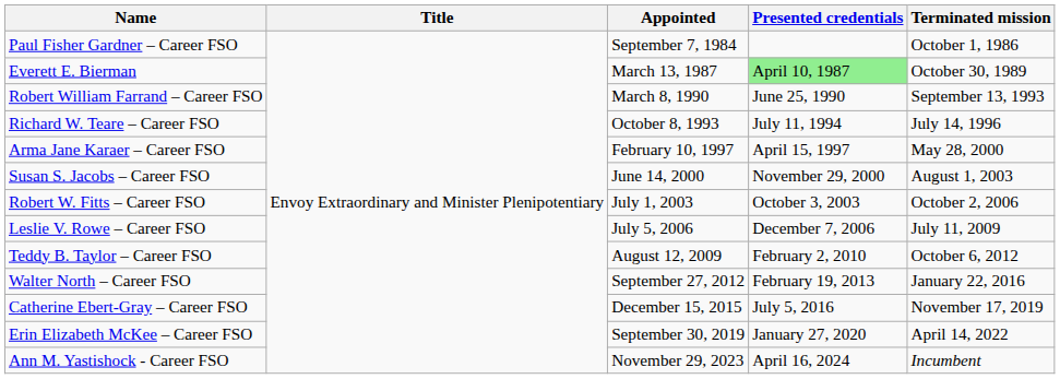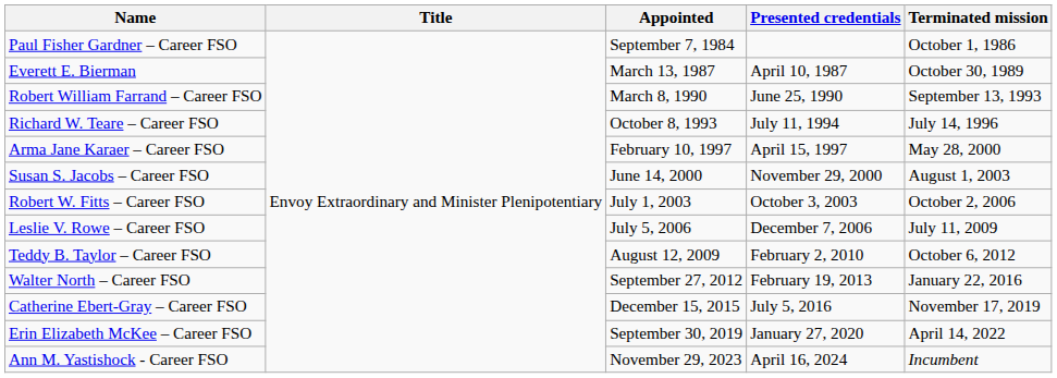 <table class="wikitable">
 <tr>
 <th>Name</th>
 <th>Title</th>
 <th>Appointed</th>
 <th><a href='#'>Presented credentials</a></th>
 <th>Terminated mission</th>
 </tr>
 <tr>
 <td><a href='#'>Paul Fisher Gardner</a> – Career FSO</td>
 <td rowspan=13>Envoy Extraordinary and Minister Plenipotentiary</td>
 <td>September 7, 1984</td>
 <td></td>
 <td>October 1, 1986</td>
 </tr>
 <tr>
 <td><a href='#'>Everett E. Bierman</a></td>
 <td>March 13, 1987</td>
-<td style="background: lightgreen;">April 10, 1987</td>
+<td>April 10, 1987</td>
 <td>October 30, 1989</td>
 </tr>
 <tr>
 <td><a href='#'>Robert William Farrand</a> – Career FSO</td>
 <td>March 8, 1990</td>
 <td>June 25, 1990</td>
 <td>September 13, 1993</td>
 </tr>
 <tr>
 <td><a href='#'>Richard W. Teare</a> – Career FSO</td>
 <td>October 8, 1993</td>
 <td>July 11, 1994</td>
 <td>July 14, 1996</td>
 </tr>
 <tr>
 <td><a href='#'>Arma Jane Karaer</a> – Career FSO</td>
 <td>February 10, 1997</td>
 <td>April 15, 1997</td>
 <td>May 28, 2000</td>
 </tr>
 <tr>
 <td><a href='#'>Susan S. Jacobs</a> – Career FSO</td>
 <td>June 14, 2000</td>
 <td>November 29, 2000</td>
 <td>August 1, 2003</td>
 </tr>
 <tr>
 <td><a href='#'>Robert W. Fitts</a> – Career FSO</td>
 <td>July 1, 2003</td>
 <td>October 3, 2003</td>
 <td>October 2, 2006</td>
 </tr>
 <tr>
 <td><a href='#'>Leslie V. Rowe</a> – Career FSO</td>
 <td>July 5, 2006</td>
 <td>December 7, 2006</td>
 <td>July 11, 2009</td>
 </tr>
 <tr>
 <td><a href='#'>Teddy B. Taylor</a> – Career FSO</td>
 <td>August 12, 2009</td>
 <td>February 2, 2010</td>
 <td>October 6, 2012</td>
 </tr>
 <tr>
 <td><a href='#'>Walter North</a> – Career FSO</td>
 <td>September 27, 2012</td>
 <td>February 19, 2013</td>
 <td>January 22, 2016</td>
 </tr>
 <tr>
 <td><a href='#'>Catherine Ebert-Gray</a> – Career FSO</td>
 <td>December 15, 2015</td>
 <td>July 5, 2016</td>
 <td>November 17, 2019</td>
 </tr>
 <tr>
 <td><a href='#'>Erin Elizabeth McKee</a> – Career FSO</td>
 <td>September 30, 2019</td>
 <td>January 27, 2020</td>
 <td>April 14, 2022</td>
 </tr>
 <tr>
 <td><a href='#'>Ann M. Yastishock</a> - Career FSO</td>
 <td>November 29, 2023</td>
 <td>April 16, 2024</td>
 <td><em>Incumbent</em></td>
 </tr>
 </table>
